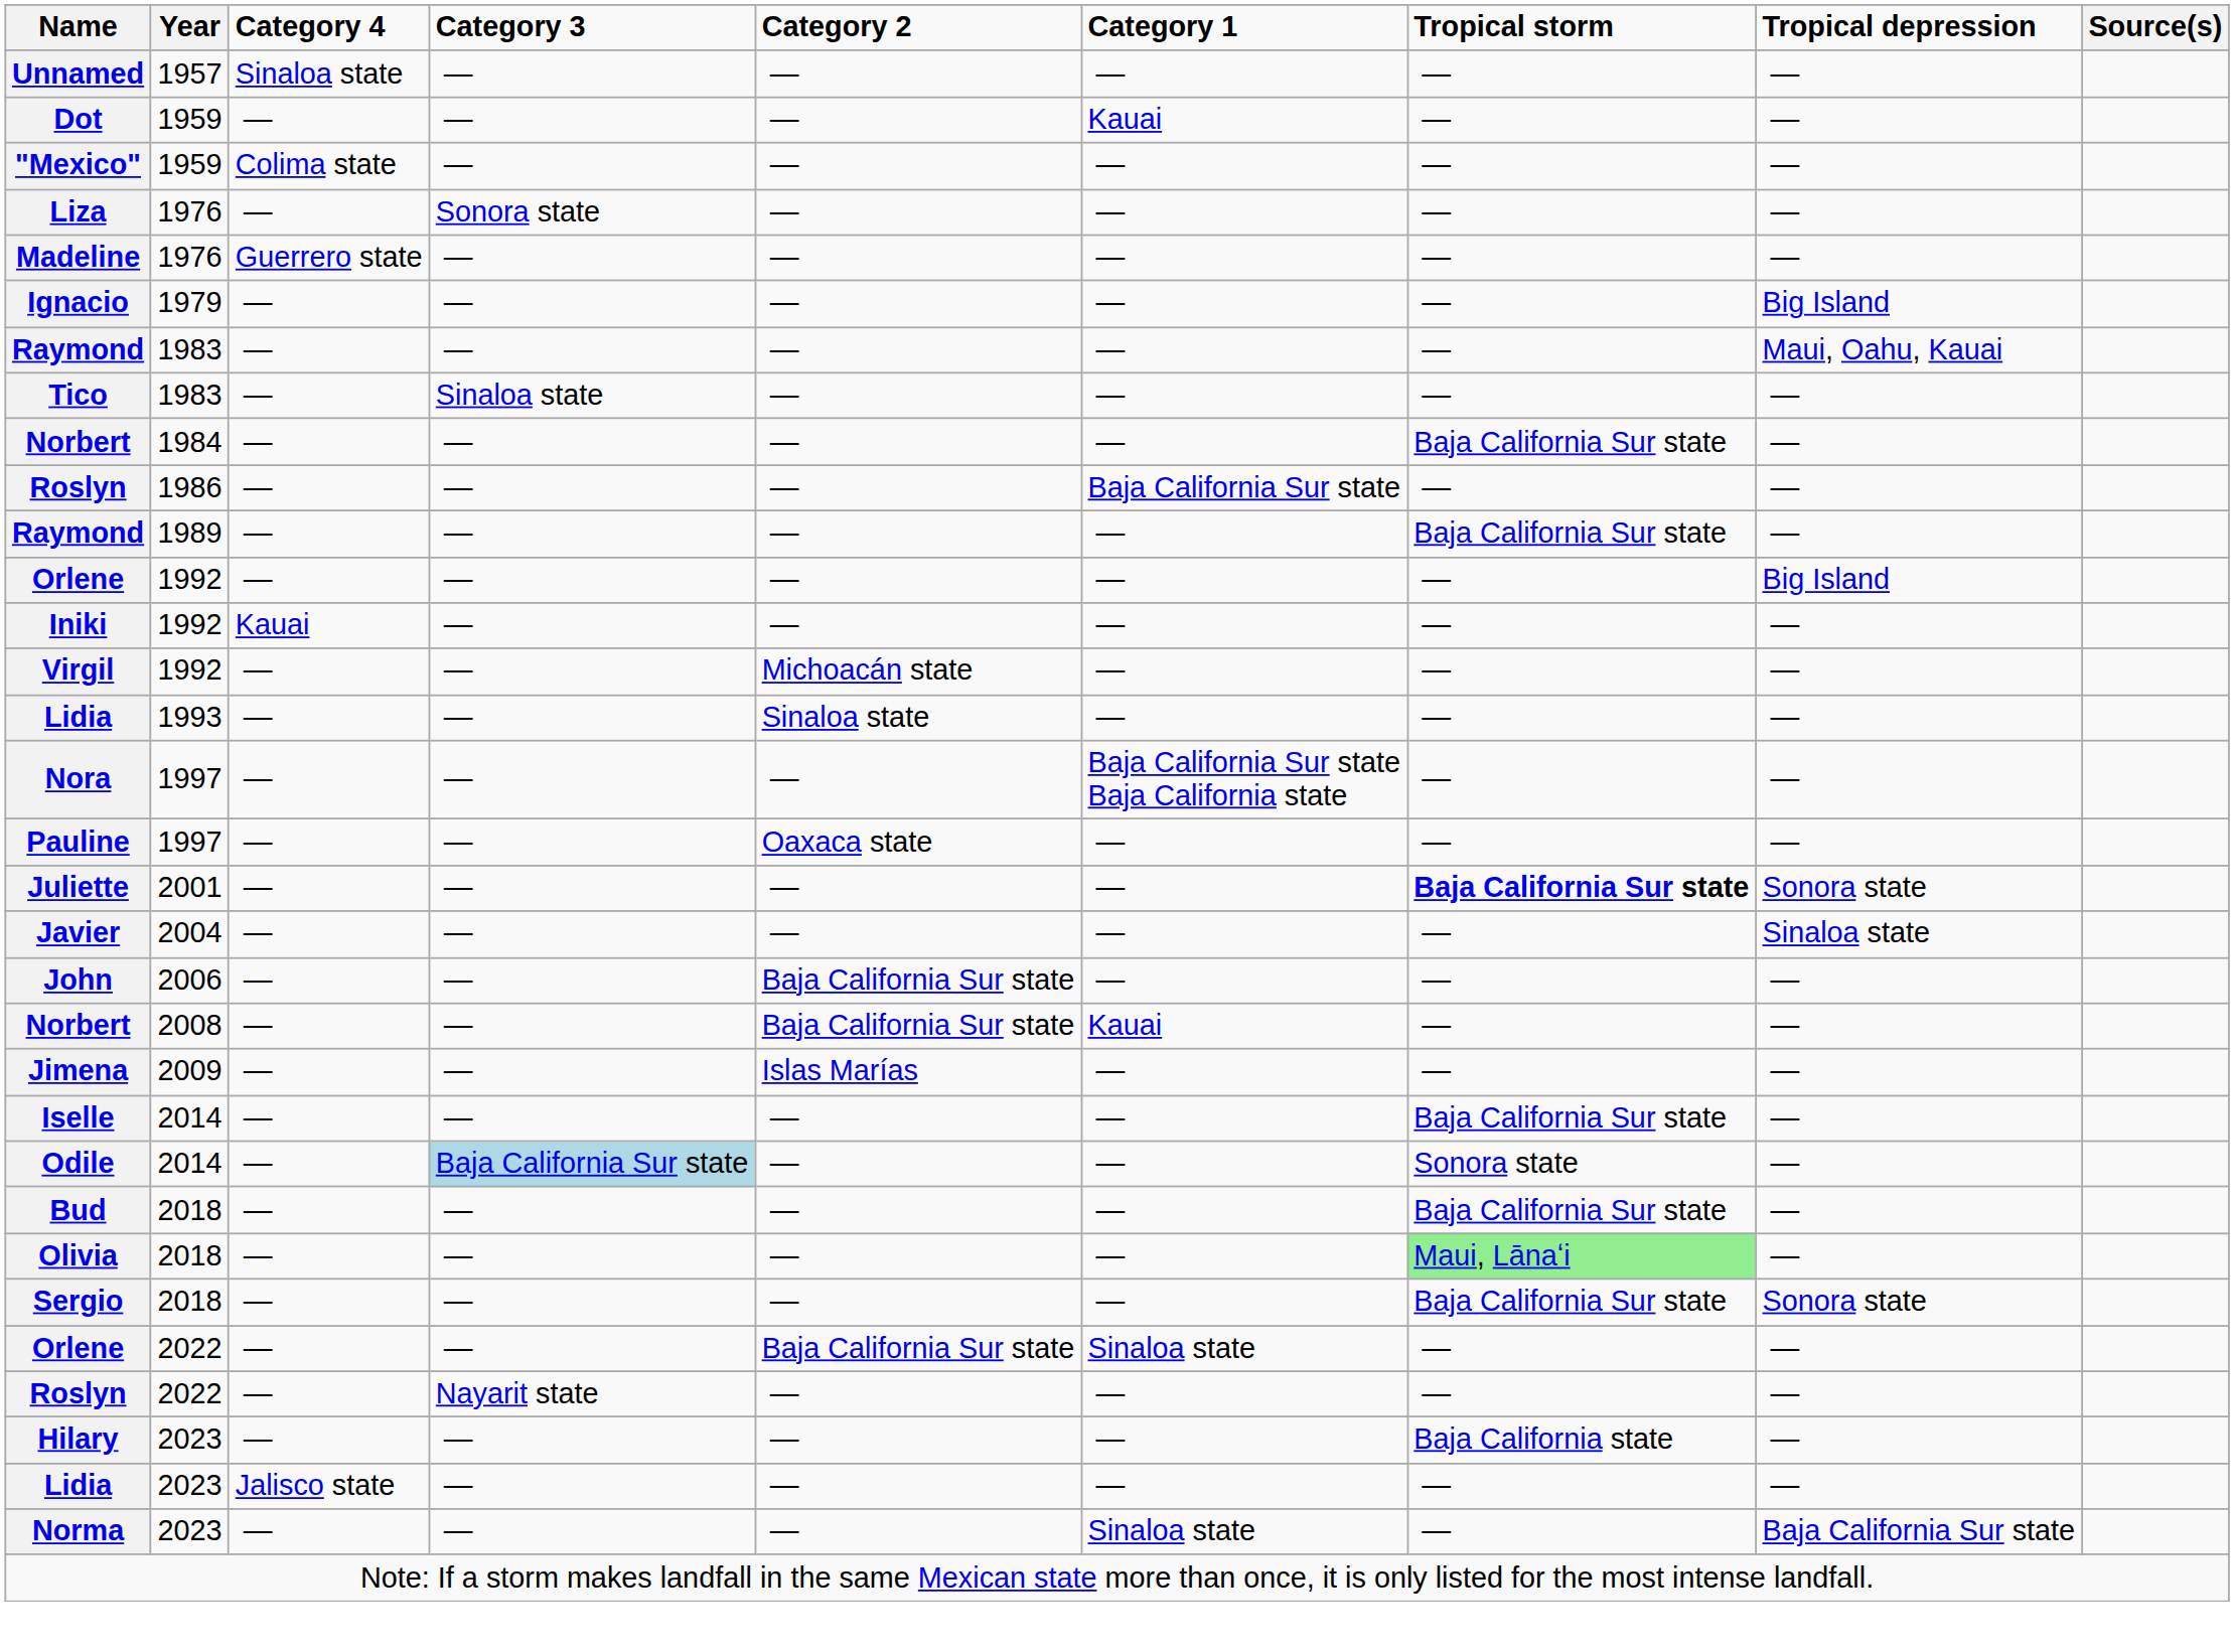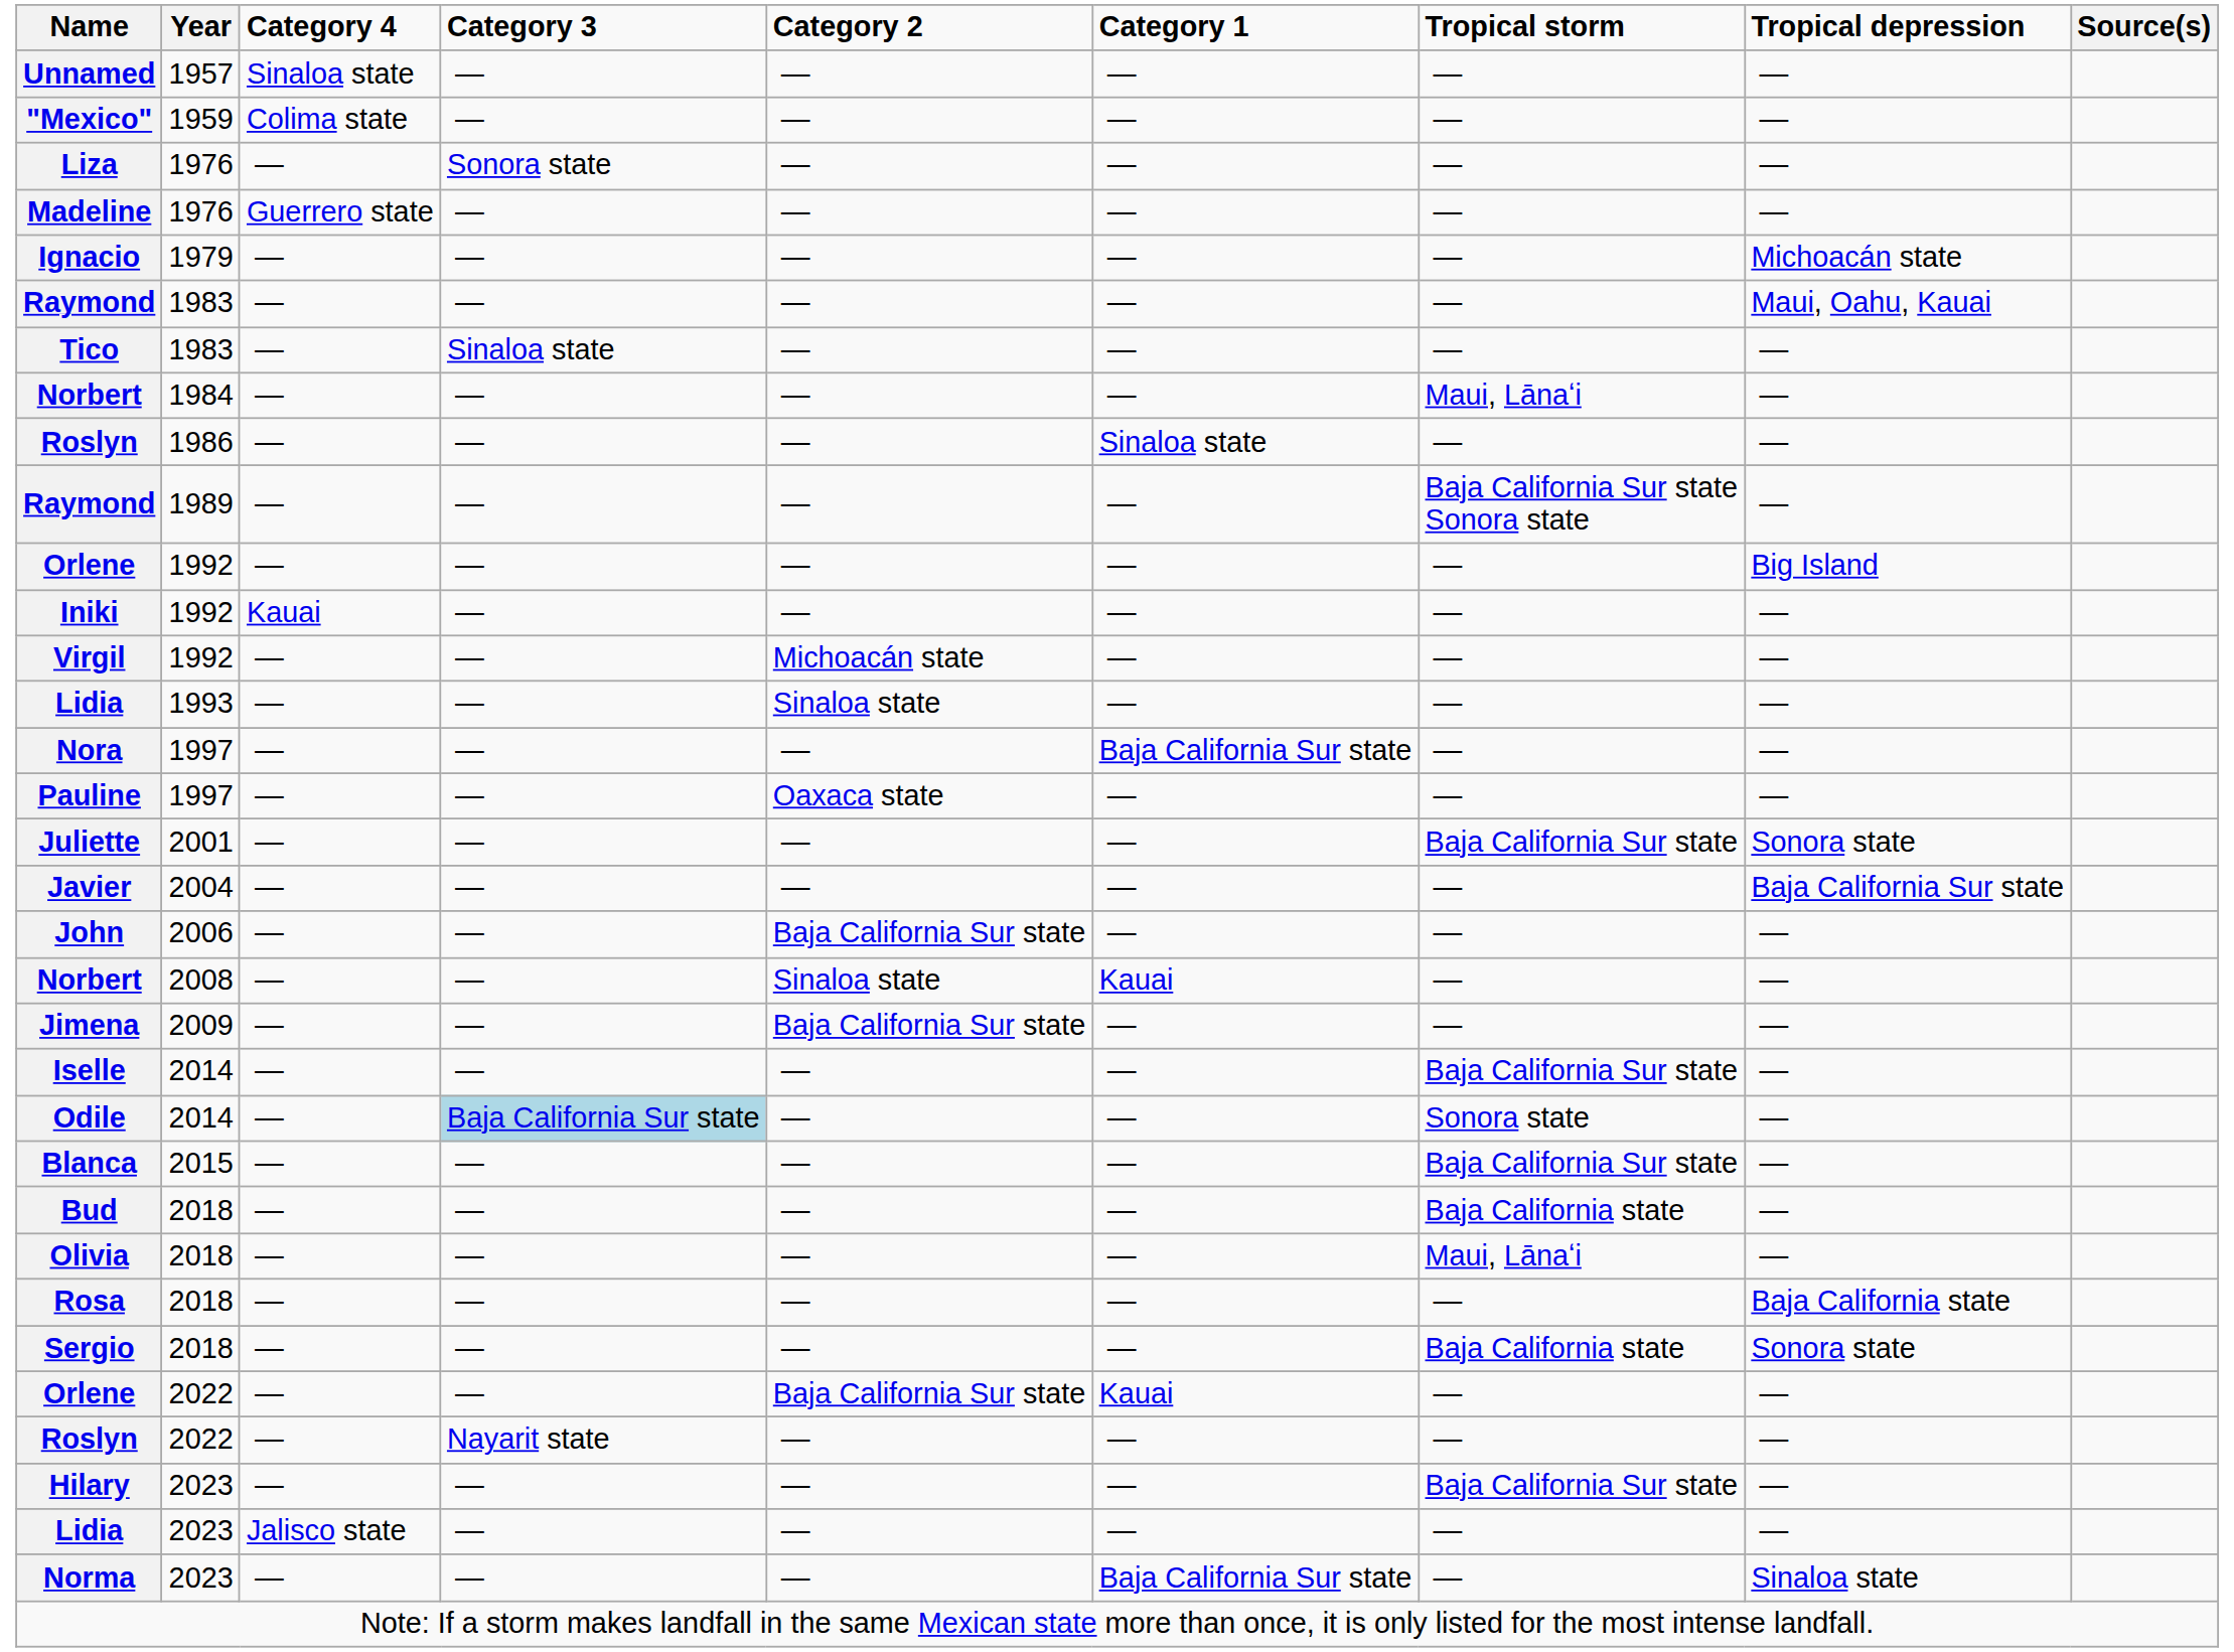 <table class="wikitable plainrowheaders sortable" style="margin:1em auto;">
 <tr>
 <th scope="col">Name</th>
 <th scope="col">Year</th>
 <td><strong>Category 4</strong></td>
 <td><strong>Category 3</strong></td>
 <td><strong>Category 2</strong></td>
 <td><strong>Category 1</strong></td>
 <td><strong>Tropical storm</strong></td>
 <td><strong>Tropical depression</strong></td>
 <th scope="col" class="unsortable">Source(s)</th>
 </tr>
 <tr>
 <th scope="row"><a href='#'>Unnamed</a></th>
 <td>1957</td>
 <td><a href='#'>Sinaloa</a> state</td>
 <td> —</td>
 <td> —</td>
 <td> —</td>
-<td> —</td>
-<td> —</td>
-<td></td>
-</tr>
-<tr>
-<th scope="row"><a href='#'>Dot</a></th>
-<td>1959</td>
-<td> —</td>
-<td> —</td>
-<td> —</td>
-<td><a href='#'>Kauai</a></td>
 <td> —</td>
 <td> —</td>
 <td></td>
 </tr>
 <tr>
 <th scope="row"><a href='#'>"Mexico"</a></th>
 <td>1959</td>
 <td><a href='#'>Colima</a> state</td>
 <td> —</td>
 <td> —</td>
 <td> —</td>
 <td> —</td>
 <td> —</td>
 <td></td>
 </tr>
 <tr>
 <th scope="row"><a href='#'>Liza</a></th>
 <td>1976</td>
 <td> —</td>
 <td><a href='#'>Sonora</a> state</td>
 <td> —</td>
 <td> —</td>
 <td> —</td>
 <td> —</td>
 <td></td>
 </tr>
 <tr>
 <th scope="row"><a href='#'>Madeline</a></th>
 <td>1976</td>
 <td><a href='#'>Guerrero</a> state</td>
 <td> —</td>
 <td> —</td>
 <td> —</td>
 <td> —</td>
 <td> —</td>
 <td></td>
 </tr>
 <tr>
 <th scope="row"><a href='#'>Ignacio</a></th>
 <td>1979</td>
 <td> —</td>
 <td> —</td>
 <td> —</td>
 <td> —</td>
 <td> —</td>
-<td><a href='#'>Big Island</a></td>
+<td><a href='#'>Michoacán</a> state</td>
 <td></td>
 </tr>
 <tr>
 <th scope="row"><a href='#'>Raymond</a></th>
 <td>1983</td>
 <td> —</td>
 <td> —</td>
 <td> —</td>
 <td> —</td>
 <td> —</td>
 <td><a href='#'>Maui</a>, <a href='#'>Oahu</a>, <a href='#'>Kauai</a></td>
 <td></td>
 </tr>
 <tr>
 <th scope="row"><a href='#'>Tico</a></th>
 <td>1983</td>
 <td> —</td>
 <td><a href='#'>Sinaloa</a> state</td>
 <td> —</td>
 <td> —</td>
 <td> —</td>
 <td> —</td>
 <td></td>
 </tr>
 <tr>
 <th scope="row"><a href='#'>Norbert</a></th>
 <td>1984</td>
 <td> —</td>
 <td> —</td>
 <td> —</td>
 <td> —</td>
-<td><a href='#'>Baja California Sur</a> state</td>
+<td><a href='#'>Maui</a>, <a href='#'>Lānaʻi</a></td>
 <td> —</td>
 <td></td>
 </tr>
 <tr>
 <th scope="row"><a href='#'>Roslyn</a></th>
 <td>1986</td>
 <td> —</td>
 <td> —</td>
 <td> —</td>
-<td><a href='#'>Baja California Sur</a> state</td>
+<td><a href='#'>Sinaloa</a> state</td>
 <td> —</td>
 <td> —</td>
 <td></td>
 </tr>
 <tr>
 <th scope="row"><a href='#'>Raymond</a></th>
 <td>1989</td>
 <td> —</td>
 <td> —</td>
 <td> —</td>
 <td> —</td>
-<td><a href='#'>Baja California Sur</a> state</td>
+<td><a href='#'>Baja California Sur</a> state<br><a href='#'>Sonora</a> state</td>
 <td> —</td>
 <td></td>
 </tr>
 <tr>
 <th scope="row"><a href='#'>Orlene</a></th>
 <td>1992</td>
 <td> —</td>
 <td> —</td>
 <td> —</td>
 <td> —</td>
 <td> —</td>
 <td><a href='#'>Big Island</a></td>
 <td></td>
 </tr>
 <tr>
 <th scope="row"><a href='#'>Iniki</a></th>
 <td>1992</td>
 <td><a href='#'>Kauai</a></td>
 <td> —</td>
 <td> —</td>
 <td> —</td>
 <td> —</td>
 <td> —</td>
 <td></td>
 </tr>
 <tr>
 <th scope="row"><a href='#'>Virgil</a></th>
 <td>1992</td>
 <td> —</td>
 <td> —</td>
 <td><a href='#'>Michoacán</a> state</td>
 <td> —</td>
 <td> —</td>
 <td> —</td>
 <td></td>
 </tr>
 <tr>
 <th scope="row"><a href='#'>Lidia</a></th>
 <td>1993</td>
 <td> —</td>
 <td> —</td>
 <td><a href='#'>Sinaloa</a> state</td>
 <td> —</td>
 <td> —</td>
 <td> —</td>
 <td></td>
 </tr>
 <tr>
 <th scope="row"><a href='#'>Nora</a></th>
 <td>1997</td>
 <td> —</td>
 <td> —</td>
 <td> —</td>
-<td><a href='#'>Baja California Sur</a> state<br><a href='#'>Baja California</a> state</td>
+<td><a href='#'>Baja California Sur</a> state</td>
 <td> —</td>
 <td> —</td>
 <td></td>
 </tr>
 <tr>
 <th scope="row"><a href='#'>Pauline</a></th>
 <td>1997</td>
 <td> —</td>
 <td> —</td>
 <td><a href='#'>Oaxaca</a> state</td>
 <td> —</td>
 <td> —</td>
 <td> —</td>
 <td></td>
 </tr>
 <tr>
 <th scope="row"><a href='#'>Juliette</a></th>
 <td>2001</td>
 <td> —</td>
 <td> —</td>
 <td> —</td>
 <td> —</td>
-<td><strong><a href='#'>Baja California Sur</a> state</strong></td>
+<td><a href='#'>Baja California Sur</a> state</td>
 <td><a href='#'>Sonora</a> state</td>
 <td></td>
 </tr>
 <tr>
 <th scope="row"><a href='#'>Javier</a></th>
 <td>2004</td>
 <td> —</td>
 <td> —</td>
 <td> —</td>
 <td> —</td>
 <td> —</td>
-<td><a href='#'>Sinaloa</a> state</td>
+<td><a href='#'>Baja California Sur</a> state</td>
 <td></td>
 </tr>
 <tr>
 <th scope="row"><a href='#'>John</a></th>
 <td>2006</td>
 <td> —</td>
 <td> —</td>
 <td><a href='#'>Baja California Sur</a> state</td>
 <td> —</td>
 <td> —</td>
 <td> —</td>
 <td></td>
 </tr>
 <tr>
 <th scope="row"><a href='#'>Norbert</a></th>
 <td>2008</td>
 <td> —</td>
 <td> —</td>
-<td><a href='#'>Baja California Sur</a> state</td>
+<td><a href='#'>Sinaloa</a> state</td>
 <td><a href='#'>Kauai</a></td>
 <td> —</td>
 <td> —</td>
 <td></td>
 </tr>
 <tr>
 <th scope="row"><a href='#'>Jimena</a></th>
 <td>2009</td>
 <td> —</td>
 <td> —</td>
-<td><a href='#'>Islas Marías</a></td>
+<td><a href='#'>Baja California Sur</a> state</td>
 <td> —</td>
 <td> —</td>
 <td> —</td>
 <td></td>
 </tr>
 <tr>
 <th scope="row"><a href='#'>Iselle</a></th>
 <td>2014</td>
 <td> —</td>
 <td> —</td>
 <td> —</td>
 <td> —</td>
 <td><a href='#'>Baja California Sur</a> state</td>
 <td> —</td>
 <td></td>
 </tr>
 <tr>
 <th scope="row"><a href='#'>Odile</a></th>
 <td>2014</td>
 <td> —</td>
 <td style="background: lightblue;"><a href='#'>Baja California Sur</a> state</td>
 <td> —</td>
 <td> —</td>
 <td><a href='#'>Sonora</a> state</td>
 <td> —</td>
 <td></td>
 </tr>
 <tr>
+<th scope="row"><a href='#'>Blanca</a></th>
+<td>2015</td>
+<td> —</td>
+<td> —</td>
+<td> —</td>
+<td> —</td>
+<td><a href='#'>Baja California Sur</a> state</td>
+<td> —</td>
+<td></td>
+</tr>
+<tr>
 <th scope="row"><a href='#'>Bud</a></th>
 <td>2018</td>
 <td> —</td>
 <td> —</td>
 <td> —</td>
 <td> —</td>
-<td><a href='#'>Baja California Sur</a> state</td>
+<td><a href='#'>Baja California</a> state</td>
 <td> —</td>
 <td></td>
 </tr>
 <tr>
 <th scope="row"><a href='#'>Olivia</a></th>
 <td>2018</td>
 <td> —</td>
 <td> —</td>
 <td> —</td>
 <td> —</td>
-<td style="background: lightgreen;"><a href='#'>Maui</a>, <a href='#'>Lānaʻi</a></td>
+<td><a href='#'>Maui</a>, <a href='#'>Lānaʻi</a></td>
 <td> —</td>
+<td></td>
+</tr>
+<tr>
+<th scope="row"><a href='#'>Rosa</a></th>
+<td>2018</td>
+<td> —</td>
+<td> —</td>
+<td> —</td>
+<td> —</td>
+<td> —</td>
+<td><a href='#'>Baja California</a> state</td>
 <td></td>
 </tr>
 <tr>
 <th scope="row"><a href='#'>Sergio</a></th>
 <td>2018</td>
 <td> —</td>
 <td> —</td>
 <td> —</td>
 <td> —</td>
-<td><a href='#'>Baja California Sur</a> state</td>
+<td><a href='#'>Baja California</a> state</td>
 <td><a href='#'>Sonora</a> state</td>
 <td></td>
 </tr>
 <tr>
 <th scope="row"><a href='#'>Orlene</a></th>
 <td>2022</td>
 <td> —</td>
 <td> —</td>
 <td><a href='#'>Baja California Sur</a> state</td>
-<td><a href='#'>Sinaloa</a> state</td>
+<td><a href='#'>Kauai</a></td>
 <td> —</td>
 <td> —</td>
 <td></td>
 </tr>
 <tr>
 <th scope="row"><a href='#'>Roslyn</a></th>
 <td>2022</td>
 <td> —</td>
 <td><a href='#'>Nayarit</a> state</td>
 <td> —</td>
 <td> —</td>
 <td> —</td>
 <td> —</td>
 <td></td>
 </tr>
 <tr>
 <th scope="row"><a href='#'>Hilary</a></th>
 <td>2023</td>
 <td> —</td>
 <td> —</td>
 <td> —</td>
 <td> —</td>
-<td><a href='#'>Baja California</a> state</td>
+<td><a href='#'>Baja California Sur</a> state</td>
 <td> —</td>
 <td></td>
 </tr>
 <tr>
 <th scope="row"><a href='#'>Lidia</a></th>
 <td>2023</td>
 <td><a href='#'>Jalisco</a> state</td>
 <td> —</td>
 <td> —</td>
 <td> —</td>
 <td> —</td>
 <td> —</td>
 <td></td>
 </tr>
 <tr>
 <th scope="row"><a href='#'>Norma</a></th>
 <td>2023</td>
 <td> —</td>
 <td> —</td>
 <td> —</td>
-<td><a href='#'>Sinaloa</a> state</td>
+<td><a href='#'>Baja California Sur</a> state</td>
 <td> —</td>
-<td><a href='#'>Baja California Sur</a> state</td>
+<td><a href='#'>Sinaloa</a> state</td>
 <td></td>
 </tr>
 <tr class="sortbottom">
 <td colspan="9" align=center><span>Note: If a storm makes landfall in the same <a href='#'>Mexican state</a> more than once, it is only listed for the most intense landfall.</span></td>
 </tr>
 </table>
